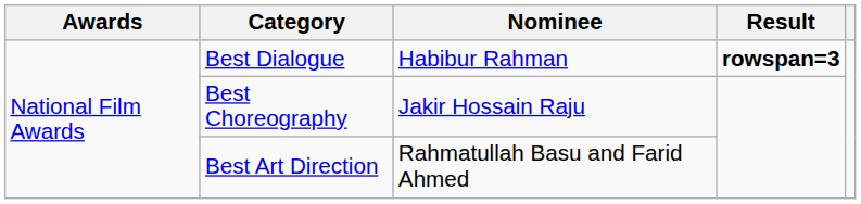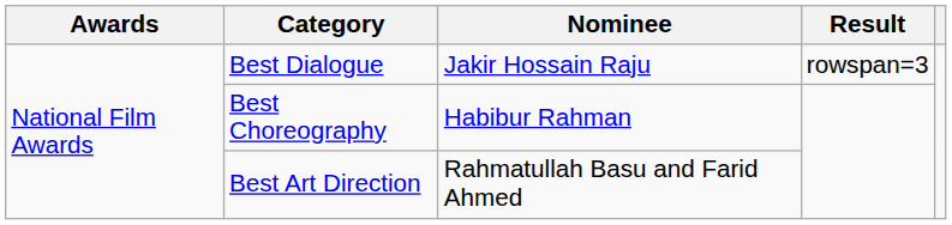 <table class="wikitable">
 <tr>
 <th>Awards</th>
 <th>Category</th>
 <th>Nominee</th>
 <th>Result</th>
 <th></th>
 </tr>
 <tr>
 <td rowspan=3><a href='#'>National Film Awards</a></td>
 <td><a href='#'>Best Dialogue</a></td>
-<td><a href='#'>Habibur Rahman</a></td>
-<td><strong>rowspan=3 </strong></td>
+<td><a href='#'>Jakir Hossain Raju</a></td>
+<td>rowspan=3 </td>
 <td rowspan=3></td>
 </tr>
 <tr>
 <td><a href='#'>Best Choreography</a></td>
-<td><a href='#'>Jakir Hossain Raju</a></td>
+<td><a href='#'>Habibur Rahman</a></td>
 </tr>
 <tr>
 <td><a href='#'>Best Art Direction</a></td>
 <td>Rahmatullah Basu and Farid Ahmed</td>
 </tr>
 </table>
